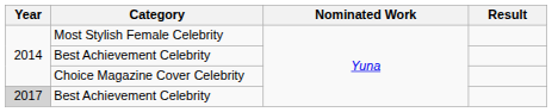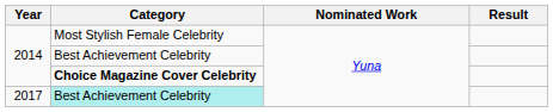 <table class="wikitable">
 <tr>
 <th width="50">Year</th>
 <th width="258">Category</th>
 <th width="250">Nominated Work</th>
 <th width="90">Result</th>
 </tr>
 <tr>
 <td rowspan="3" style="text-align: center;">2014</td>
 <td>Most Stylish Female Celebrity</td>
 <td rowspan="4" style="text-align: center;"><em><a href='#'>Yuna</a></em></td>
 <td></td>
 </tr>
 <tr>
 <td>Best Achievement Celebrity</td>
 <td></td>
 </tr>
 <tr>
-<td>Choice Magazine Cover Celebrity</td>
+<td><strong>Choice Magazine Cover Celebrity</strong></td>
 <td></td>
 </tr>
 <tr>
-<td style="background: lightgrey; text-align: center;">2017</td>
-<td>Best Achievement Celebrity</td>
+<td style="text-align: center;">2017</td>
+<td style="background: paleturquoise;">Best Achievement Celebrity</td>
 <td></td>
 </tr>
 </table>
